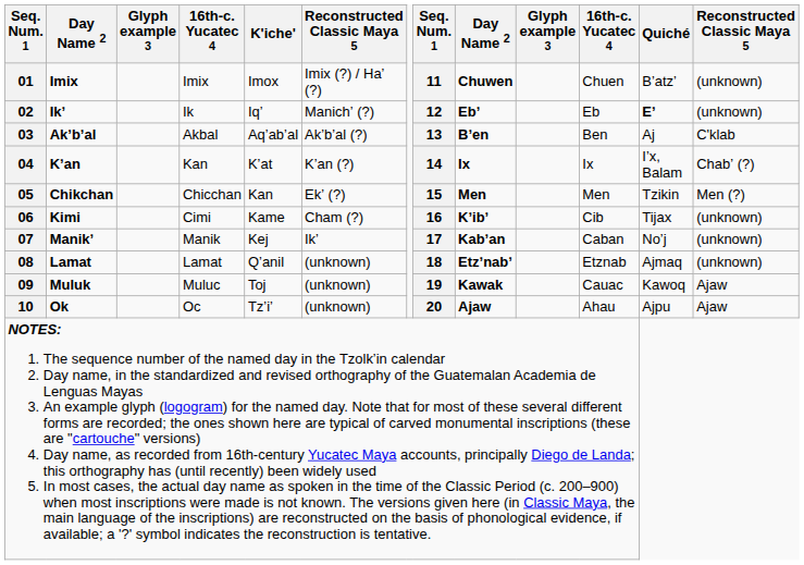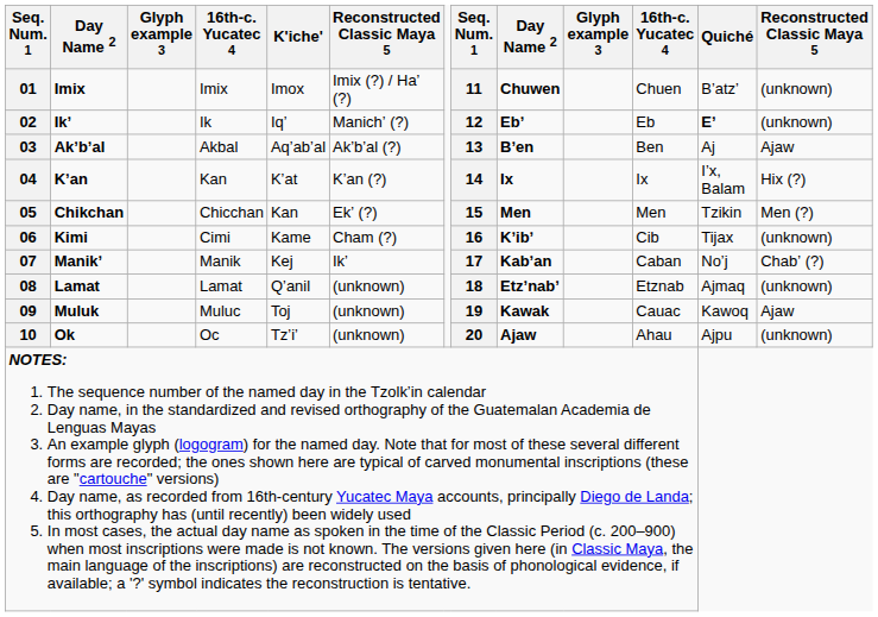 <table class="wikitable" style="margin:0 auto; border:none;">
 <tr>
 <th>Seq.<br>Num. <sup>1</sup></th>
 <th>Day<br>Name <sup>2</sup></th>
 <th>Glyph<br> example <sup>3</sup></th>
 <th>16th-c.<br>Yucatec <sup>4</sup></th>
 <th>K'iche'</th>
 <th>Reconstructed<br>Classic Maya <sup>5</sup></th>
 <td rowspan="11"  style="width:1px;; border:none;"></td>
 <th>Seq.<br>Num. <sup>1</sup></th>
 <th>Day<br>Name <sup>2</sup></th>
 <th>Glyph<br> example <sup>3</sup></th>
 <th>16th-c.<br>Yucatec <sup>4</sup></th>
 <th>Quiché</th>
 <th>Reconstructed<br>Classic Maya <sup>5</sup></th>
 </tr>
 <tr>
 <th>01</th>
 <td><strong>Imix</strong></td>
 <td></td>
 <td>Imix</td>
 <td>Imox</td>
 <td>Imix (?) / Haʼ (?)</td>
 <th>11</th>
 <td><strong>Chuwen</strong></td>
 <td></td>
 <td>Chuen</td>
 <td>Bʼatzʼ</td>
 <td>(unknown)</td>
 </tr>
 <tr>
 <th>02</th>
 <td><strong>Ikʼ</strong></td>
 <td></td>
 <td>Ik</td>
 <td>Iqʼ</td>
 <td>Manichʼ (?)</td>
 <th>12</th>
 <td><strong>Ebʼ</strong></td>
 <td></td>
 <td>Eb</td>
 <td><strong>Eʼ</strong></td>
 <td>(unknown)</td>
 </tr>
 <tr>
 <th>03</th>
 <td><strong>Akʼbʼal</strong></td>
 <td></td>
 <td>Akbal</td>
 <td>Aqʼabʼal</td>
 <td>Akʼbʼal (?)</td>
 <th>13</th>
 <td><strong>Bʼen</strong></td>
 <td></td>
 <td>Ben</td>
 <td>Aj</td>
-<td>C'klab</td>
+<td>Ajaw</td>
 </tr>
 <tr>
 <th>04</th>
 <td><strong>Kʼan</strong></td>
 <td></td>
 <td>Kan</td>
 <td>Kʼat</td>
 <td>Kʼan (?)</td>
 <th>14</th>
 <td><strong>Ix</strong></td>
 <td></td>
 <td>Ix</td>
 <td>Iʼx, Balam</td>
-<td>Chabʼ (?)</td>
+<td>Hix (?)</td>
 </tr>
 <tr>
 <th>05</th>
 <td><strong>Chikchan</strong></td>
 <td></td>
 <td>Chicchan</td>
 <td>Kan</td>
 <td>Ekʼ (?)</td>
 <th>15</th>
 <td><strong>Men</strong></td>
 <td></td>
 <td>Men</td>
 <td>Tzikin</td>
 <td>Men (?)</td>
 </tr>
 <tr>
 <th>06</th>
 <td><strong>Kimi</strong></td>
 <td></td>
 <td>Cimi</td>
 <td>Kame</td>
 <td>Cham (?)</td>
 <th>16</th>
 <td><strong>Kʼibʼ</strong></td>
 <td></td>
 <td>Cib</td>
 <td>Tijax</td>
 <td>(unknown)</td>
 </tr>
 <tr>
 <th>07</th>
 <td><strong>Manikʼ</strong></td>
 <td></td>
 <td>Manik</td>
 <td>Kej</td>
 <td>Ikʼ</td>
 <th>17</th>
 <td><strong>Kabʼan</strong></td>
 <td></td>
 <td>Caban</td>
 <td>Noʼj</td>
-<td>(unknown)</td>
+<td>Chabʼ (?)</td>
 </tr>
 <tr>
 <th>08</th>
 <td><strong>Lamat</strong></td>
 <td></td>
 <td>Lamat</td>
 <td>Qʼanil</td>
 <td>(unknown)</td>
 <th>18</th>
 <td><strong>Etzʼnabʼ</strong></td>
 <td></td>
 <td>Etznab</td>
 <td>Ajmaq</td>
 <td>(unknown)</td>
 </tr>
 <tr>
 <th>09</th>
 <td><strong>Muluk</strong></td>
 <td></td>
 <td>Muluc</td>
 <td>Toj</td>
 <td>(unknown)</td>
 <th>19</th>
 <td><strong>Kawak</strong></td>
 <td></td>
 <td>Cauac</td>
 <td>Kawoq</td>
 <td>Ajaw</td>
 </tr>
 <tr>
 <th>10</th>
 <td><strong>Ok</strong></td>
 <td></td>
 <td>Oc</td>
 <td>Tzʼiʼ</td>
 <td>(unknown)</td>
 <th>20</th>
 <td><strong>Ajaw</strong></td>
 <td></td>
 <td>Ahau</td>
 <td>Ajpu</td>
-<td>Ajaw</td>
+<td>(unknown)</td>
 </tr>
 <tr>
 <td colspan="11"><strong><em>NOTES:</em></strong><br><ol><li>The sequence number of the named day in the Tzolkʼin calendar</li><li>Day name, in the standardized and revised orthography of the Guatemalan Academia de Lenguas Mayas</li><li>An example glyph (<a href='#'>logogram</a>) for the named day. Note that for most of these several different forms are recorded; the ones shown here are typical of carved monumental inscriptions (these are "<a href='#'>cartouche</a>" versions)</li><li>Day name, as recorded from 16th-century <a href='#'>Yucatec Maya</a> accounts, principally <a href='#'>Diego de Landa</a>; this orthography has (until recently) been widely used</li><li>In most cases, the actual day name as spoken in the time of the Classic Period (c. 200–900) when most inscriptions were made is not known. The versions given here (in <a href='#'>Classic Maya</a>, the main language of the inscriptions) are reconstructed on the basis of phonological evidence, if available; a '?' symbol indicates the reconstruction is tentative.</li></ol></td>
 </tr>
 </table>
